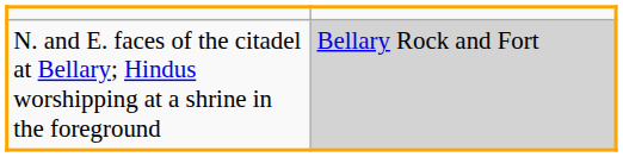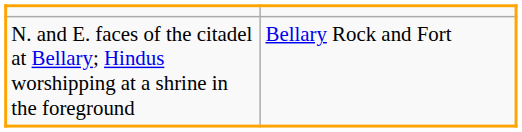 <table class="wikitable"  style="width:40%; float:right; font-size:90%; border:2px solid orange;">
 <tr>
 <td style="width:40%; text-align:center;"></td>
 <td style="width:40%; text-align:center;"></td>
 </tr>
 <tr>
 <td valign="top">N. and E. faces of the citadel at <a href='#'>Bellary</a>; <a href='#'>Hindus</a> worshipping at a shrine in the foreground</td>
-<td valign="top" style="background: lightgrey;"><a href='#'>Bellary</a> Rock and Fort</td>
+<td valign="top"><a href='#'>Bellary</a> Rock and Fort</td>
 </tr>
 </table>
